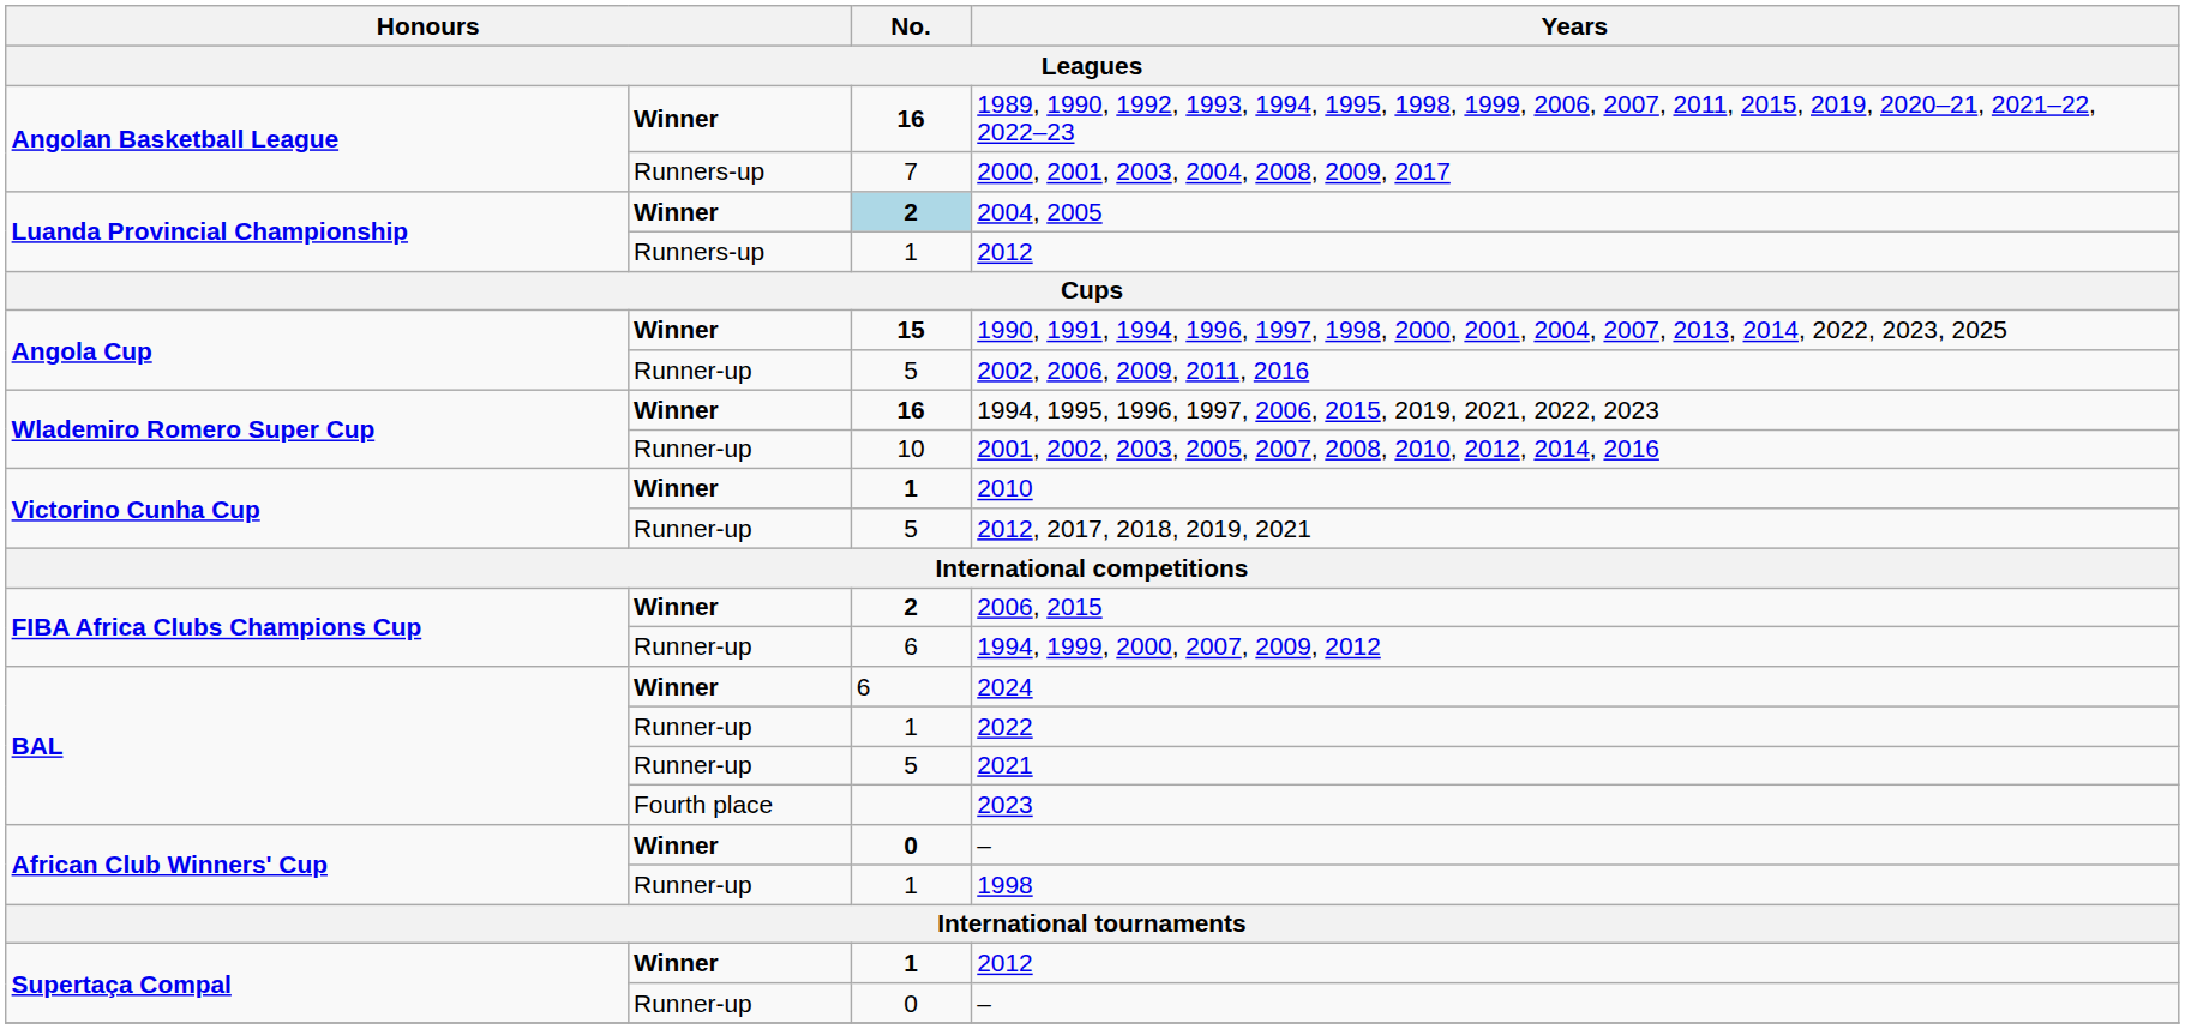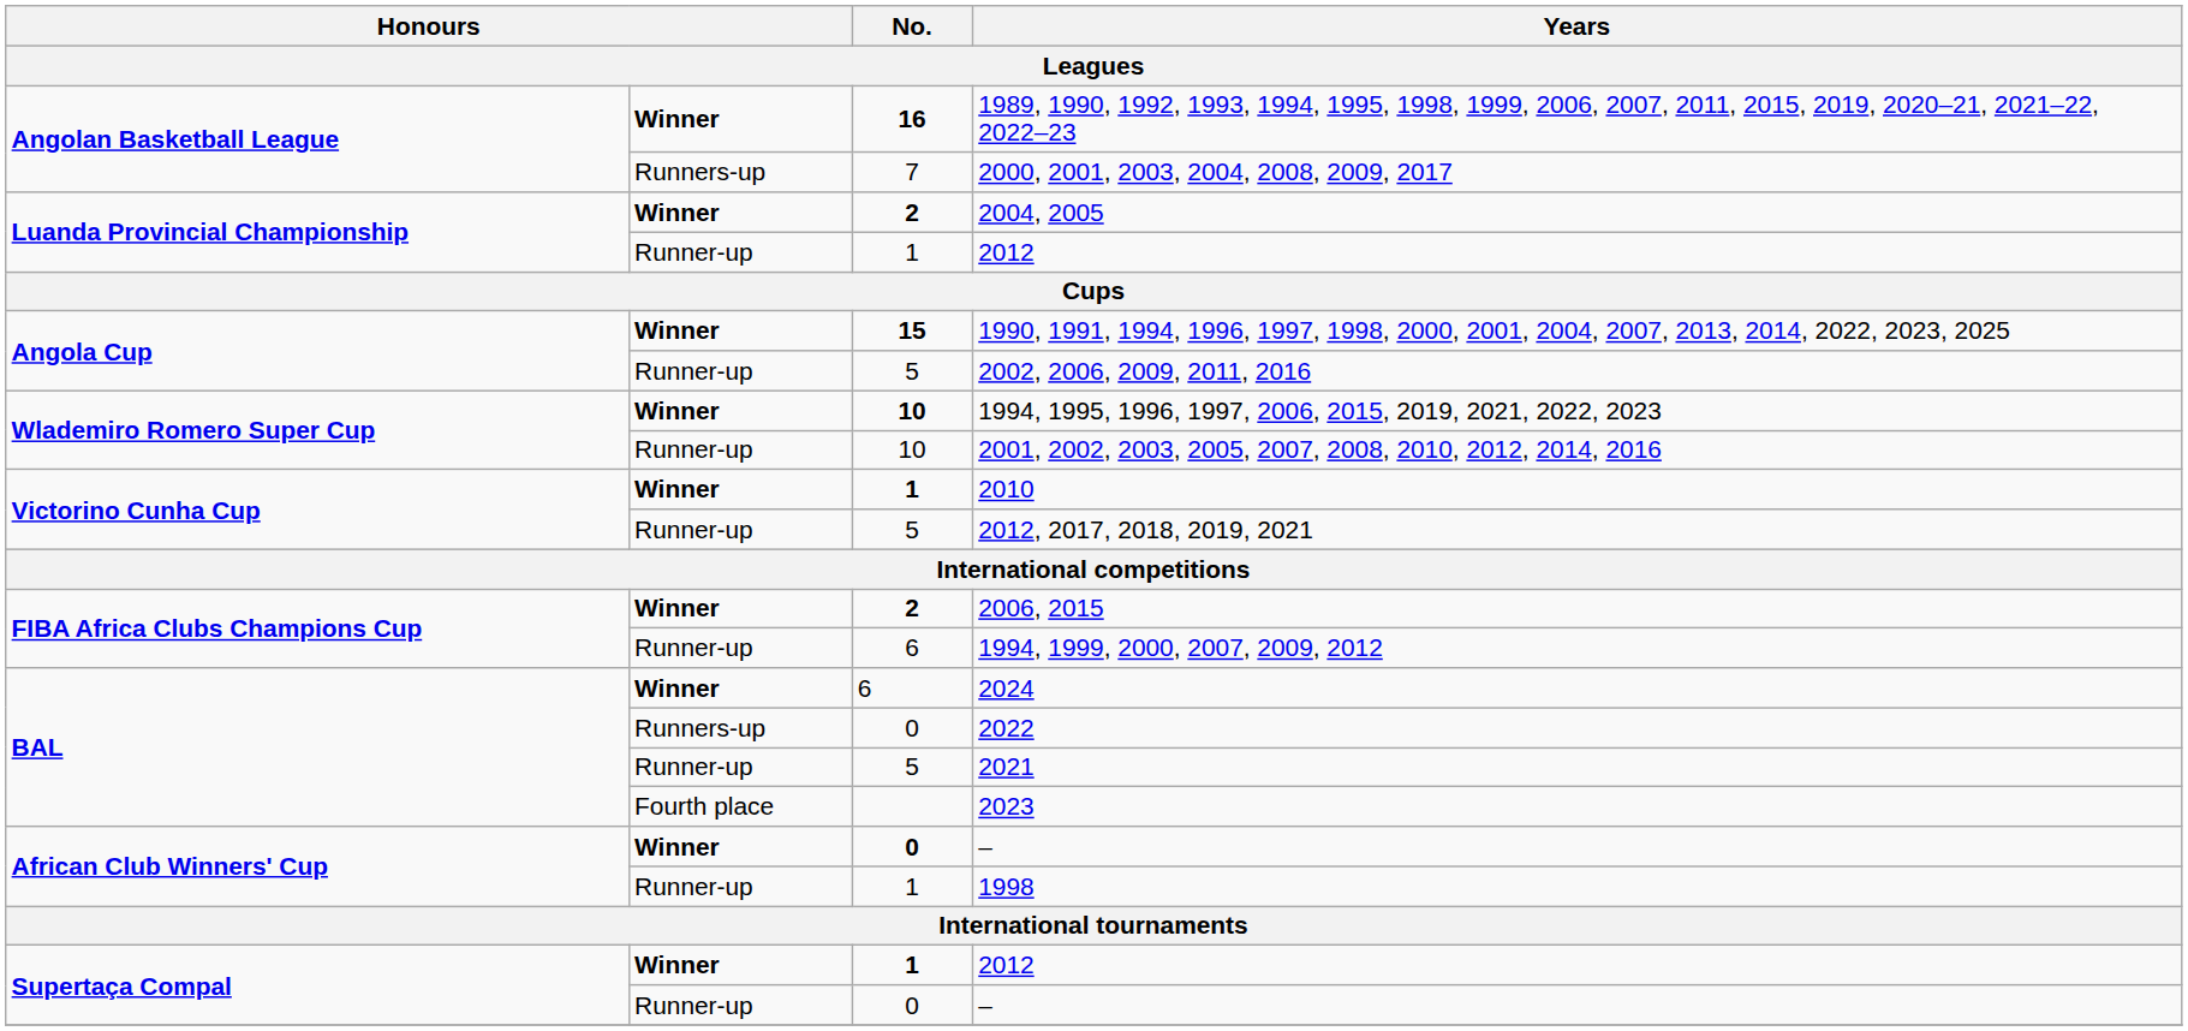 <table class="wikitable" style="font-size: 90%;">
 <tr>
 <th width=35% colspan=2>Honours</th>
 <th width=5%>No.</th>
 <th width=50%>Years</th>
 </tr>
 <tr>
 <th colspan="6">Leagues</th>
 </tr>
 <tr>
 <td rowspan=2><strong><a href='#'>Angolan Basketball League</a></strong></td>
 <td><strong>Winner</strong></td>
 <td align=center><strong>16</strong></td>
 <td><a href='#'>1989</a>, <a href='#'>1990</a>, <a href='#'>1992</a>, <a href='#'>1993</a>, <a href='#'>1994</a>, <a href='#'>1995</a>, <a href='#'>1998</a>, <a href='#'>1999</a>, <a href='#'>2006</a>, <a href='#'>2007</a>, <a href='#'>2011</a>, <a href='#'>2015</a>, <a href='#'>2019</a>, <a href='#'>2020–21</a>, <a href='#'>2021–22</a>, <a href='#'>2022–23</a></td>
 </tr>
 <tr>
 <td>Runners-up</td>
 <td align=center>7</td>
 <td><a href='#'>2000</a>, <a href='#'>2001</a>, <a href='#'>2003</a>, <a href='#'>2004</a>, <a href='#'>2008</a>, <a href='#'>2009</a>, <a href='#'>2017</a></td>
 </tr>
 <tr>
 <td rowspan=2><strong><a href='#'>Luanda Provincial Championship</a></strong></td>
 <td><strong>Winner</strong></td>
-<td align=center style="background: lightblue;"><strong>2</strong></td>
+<td align=center><strong>2</strong></td>
 <td><a href='#'>2004</a>, <a href='#'>2005</a></td>
 </tr>
 <tr>
-<td>Runners-up</td>
+<td>Runner-up</td>
 <td align=center>1</td>
 <td><a href='#'>2012</a></td>
 </tr>
 <tr>
 <th colspan="6">Cups</th>
 </tr>
 <tr>
 <td rowspan=2><strong><a href='#'>Angola Cup</a></strong></td>
 <td><strong>Winner</strong></td>
 <td align=center><strong>15</strong></td>
 <td><a href='#'>1990</a>, <a href='#'>1991</a>, <a href='#'>1994</a>, <a href='#'>1996</a>, <a href='#'>1997</a>, <a href='#'>1998</a>, <a href='#'>2000</a>, <a href='#'>2001</a>, <a href='#'>2004</a>, <a href='#'>2007</a>, <a href='#'>2013</a>, <a href='#'>2014</a>, 2022, 2023, 2025</td>
 </tr>
 <tr>
 <td>Runner-up</td>
 <td align=center>5</td>
 <td><a href='#'>2002</a>, <a href='#'>2006</a>, <a href='#'>2009</a>, <a href='#'>2011</a>, <a href='#'>2016</a></td>
 </tr>
 <tr>
 <td rowspan=2><strong><a href='#'>Wlademiro Romero Super Cup</a></strong></td>
 <td><strong>Winner</strong></td>
-<td align=center><strong>16</strong></td>
+<td align=center><strong>10</strong></td>
 <td>1994, 1995, 1996, 1997, <a href='#'>2006</a>, <a href='#'>2015</a>, 2019, 2021, 2022, 2023</td>
 </tr>
 <tr>
 <td>Runner-up</td>
 <td align=center>10</td>
 <td><a href='#'>2001</a>, <a href='#'>2002</a>, <a href='#'>2003</a>, <a href='#'>2005</a>, <a href='#'>2007</a>, <a href='#'>2008</a>, <a href='#'>2010</a>, <a href='#'>2012</a>, <a href='#'>2014</a>, <a href='#'>2016</a></td>
 </tr>
 <tr>
 <td rowspan=2><strong><a href='#'>Victorino Cunha Cup</a></strong></td>
 <td><strong>Winner</strong></td>
 <td align=center><strong>1</strong></td>
 <td><a href='#'>2010</a></td>
 </tr>
 <tr>
 <td>Runner-up</td>
 <td align=center>5</td>
 <td><a href='#'>2012</a>, 2017, 2018, 2019, 2021</td>
 </tr>
 <tr>
 <th colspan="6">International competitions</th>
 </tr>
 <tr>
 <td rowspan=2><strong><a href='#'>FIBA Africa Clubs Champions Cup</a></strong></td>
 <td><strong>Winner</strong></td>
 <td align=center><strong>2</strong></td>
 <td><a href='#'>2006</a>, <a href='#'>2015</a></td>
 </tr>
 <tr>
 <td>Runner-up</td>
 <td align=center>6</td>
 <td><a href='#'>1994</a>, <a href='#'>1999</a>, <a href='#'>2000</a>, <a href='#'>2007</a>, <a href='#'>2009</a>, <a href='#'>2012</a></td>
 </tr>
 <tr>
 <td rowspan="4"><strong><a href='#'>BAL</a></strong></td>
 <td><strong>Winner</strong></td>
 <td>6</td>
 <td><a href='#'>2024</a></td>
 </tr>
 <tr>
-<td>Runner-up</td>
-<td align="center">1</td>
+<td>Runners-up</td>
+<td align="center">0</td>
 <td><a href='#'>2022</a></td>
 </tr>
 <tr>
 <td>Runner-up</td>
 <td align=center>5</td>
 <td><a href='#'>2021</a></td>
 </tr>
 <tr>
 <td>Fourth place</td>
 <td></td>
 <td><a href='#'>2023</a></td>
 </tr>
 <tr>
 <td rowspan=2><strong><a href='#'>African Club Winners' Cup</a></strong></td>
 <td><strong>Winner</strong></td>
 <td align=center><strong>0</strong></td>
 <td>–</td>
 </tr>
 <tr>
 <td>Runner-up</td>
 <td align=center>1</td>
 <td><a href='#'>1998</a></td>
 </tr>
 <tr>
 <th colspan="6">International tournaments</th>
 </tr>
 <tr>
 <td rowspan=2><strong><a href='#'>Supertaça Compal</a></strong></td>
 <td><strong>Winner</strong></td>
 <td align=center><strong>1</strong></td>
 <td><a href='#'>2012</a></td>
 </tr>
 <tr>
 <td>Runner-up</td>
 <td align=center>0</td>
 <td>–</td>
 </tr>
 <tr>
 </tr>
 </table>
